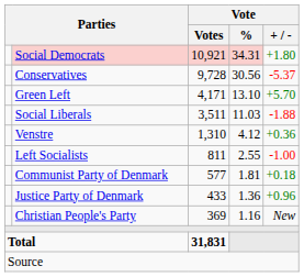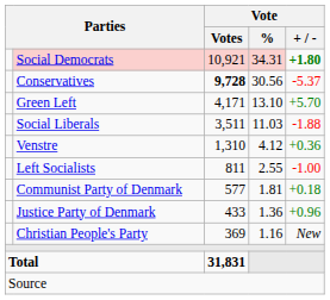 <table class="wikitable" style="text-align:right;">
 <tr>
 <th style="text-align:centre;" rowspan="2" colspan="2" width="225">Parties</th>
 <th colspan="3">Vote</th>
 </tr>
 <tr>
 <th width="15">Votes</th>
 <th width="15">%</th>
 <th width="15">+ / -</th>
 </tr>
 <tr>
 <td width="2" style="color:inherit;background:"></td>
 <td bgcolor=#fbd0ce  align="left"><a href='#'>Social Democrats</a></td>
 <td bgcolor=#fbd0ce>10,921</td>
 <td bgcolor=#fbd0ce>34.31</td>
-<td style=color:green;>+1.80</td>
+<td style=color:green;><strong>+1.80</strong></td>
 </tr>
 <tr>
 <td width="2" style="color:inherit;background:"></td>
 <td align="left"><a href='#'>Conservatives</a></td>
-<td>9,728</td>
+<td><strong>9,728</strong></td>
 <td>30.56</td>
 <td style=color:red;>-5.37</td>
 </tr>
 <tr>
 <td width="2" style="color:inherit;background:"></td>
 <td align="left"><a href='#'>Green Left</a></td>
 <td>4,171</td>
 <td>13.10</td>
 <td style=color:green;>+5.70</td>
 </tr>
 <tr>
 <td width="2" style="color:inherit;background:"></td>
 <td align="left"><a href='#'>Social Liberals</a></td>
 <td>3,511</td>
 <td>11.03</td>
 <td style=color:red;>-1.88</td>
 </tr>
 <tr>
 <td width="2" style="color:inherit;background:"></td>
 <td align="left"><a href='#'>Venstre</a></td>
 <td>1,310</td>
 <td>4.12</td>
 <td style=color:green;>+0.36</td>
 </tr>
 <tr>
 <td width="2" style="color:inherit;background:"></td>
 <td align="left"><a href='#'>Left Socialists</a></td>
 <td>811</td>
 <td>2.55</td>
 <td style=color:red;>-1.00</td>
 </tr>
 <tr>
 <td width="2" style="color:inherit;background:"></td>
 <td align="left"><a href='#'>Communist Party of Denmark</a></td>
 <td>577</td>
 <td>1.81</td>
 <td style=color:green;>+0.18</td>
 </tr>
 <tr>
 <td width="2" style="color:inherit;background:"></td>
 <td align="left"><a href='#'>Justice Party of Denmark</a></td>
 <td>433</td>
 <td>1.36</td>
 <td style=color:green;>+0.96</td>
 </tr>
 <tr>
 <td width="2" style="color:inherit;background:"></td>
 <td align="left"><a href='#'>Christian People's Party</a></td>
 <td>369</td>
 <td>1.16</td>
 <td><em>New</em></td>
 </tr>
 <tr>
 <td colspan="7" bgcolor="#E9E9E9"></td>
 </tr>
 <tr>
 <td align="left" colspan="2"><strong>Total</strong></td>
 <td><strong>31,831</strong></td>
 <td bgcolor="#E9E9E9" colspan="2"></td>
 </tr>
 <tr>
 <td align="left" colspan="6">Source</td>
 </tr>
 </table>
